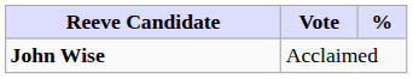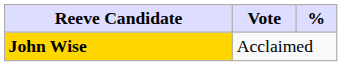 <table class="wikitable">
 <tr>
 <th style="background:#ddf; width:200px;">Reeve Candidate</th>
 <th style="background:#ddf; width:50px;">Vote</th>
 <th style="background:#ddf; width:30px;">%</th>
 </tr>
 <tr>
-<td><strong>John Wise</strong></td>
+<td style="background: gold;"><strong>John Wise</strong></td>
 <td colspan="2">Acclaimed</td>
 </tr>
 </table>
